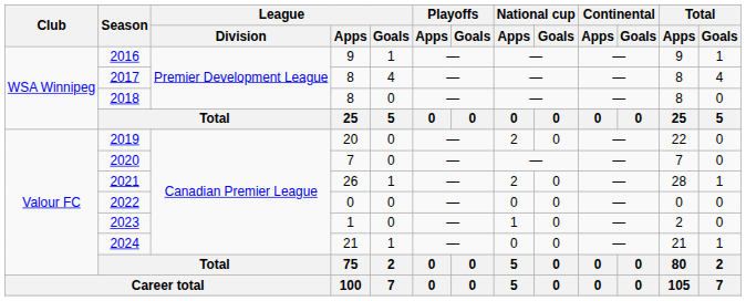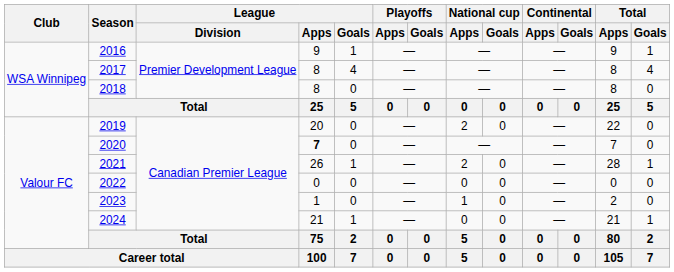 <table class="wikitable" style="text-align: center;">
 <tr>
 <th rowspan="2">Club</th>
 <th rowspan="2">Season</th>
 <th colspan="3">League</th>
 <th colspan="2">Playoffs</th>
 <th colspan="2">National cup</th>
 <th colspan="2">Continental</th>
 <th colspan="2">Total</th>
 </tr>
 <tr>
 <th>Division</th>
 <th>Apps</th>
 <th>Goals</th>
 <th>Apps</th>
 <th>Goals</th>
 <th>Apps</th>
 <th>Goals</th>
 <th>Apps</th>
 <th>Goals</th>
 <th>Apps</th>
 <th>Goals</th>
 </tr>
 <tr>
 <td rowspan="4"><a href='#'>WSA Winnipeg</a></td>
 <td><a href='#'>2016</a></td>
 <td rowspan=3><a href='#'>Premier Development League</a></td>
 <td>9</td>
 <td>1</td>
 <td colspan="2">—</td>
 <td colspan="2">—</td>
 <td colspan="2">—</td>
 <td>9</td>
 <td>1</td>
 </tr>
 <tr>
 <td><a href='#'>2017</a></td>
 <td>8</td>
 <td>4</td>
 <td colspan="2">—</td>
 <td colspan="2">—</td>
 <td colspan="2">—</td>
 <td>8</td>
 <td>4</td>
 </tr>
 <tr>
 <td><a href='#'>2018</a></td>
 <td>8</td>
 <td>0</td>
 <td colspan="2">—</td>
 <td colspan="2">—</td>
 <td colspan="2">—</td>
 <td>8</td>
 <td>0</td>
 </tr>
 <tr>
 <th colspan="2">Total</th>
 <th>25</th>
 <th>5</th>
 <th>0</th>
 <th>0</th>
 <th>0</th>
 <th>0</th>
 <th>0</th>
 <th>0</th>
 <th>25</th>
 <th>5</th>
 </tr>
 <tr>
 <td rowspan="7"><a href='#'>Valour FC</a></td>
 <td><a href='#'>2019</a></td>
 <td rowspan=6><a href='#'>Canadian Premier League</a></td>
 <td>20</td>
 <td>0</td>
 <td colspan="2">—</td>
 <td>2</td>
 <td>0</td>
 <td colspan="2">—</td>
 <td>22</td>
 <td>0</td>
 </tr>
 <tr>
 <td><a href='#'>2020</a></td>
-<td>7</td>
+<td><strong>7</strong></td>
 <td>0</td>
 <td colspan="2">—</td>
 <td colspan="2">—</td>
 <td colspan="2">—</td>
 <td>7</td>
 <td>0</td>
 </tr>
 <tr>
 <td><a href='#'>2021</a></td>
 <td>26</td>
 <td>1</td>
 <td colspan="2">—</td>
 <td>2</td>
 <td>0</td>
 <td colspan="2">—</td>
 <td>28</td>
 <td>1</td>
 </tr>
 <tr>
 <td><a href='#'>2022</a></td>
 <td>0</td>
 <td>0</td>
 <td colspan="2">—</td>
 <td>0</td>
 <td>0</td>
 <td colspan="2">—</td>
 <td>0</td>
 <td>0</td>
 </tr>
 <tr>
 <td><a href='#'>2023</a></td>
 <td>1</td>
 <td>0</td>
 <td colspan="2">—</td>
 <td>1</td>
 <td>0</td>
 <td colspan="2">—</td>
 <td>2</td>
 <td>0</td>
 </tr>
 <tr>
 <td><a href='#'>2024</a></td>
 <td>21</td>
 <td>1</td>
 <td colspan="2">—</td>
 <td>0</td>
 <td>0</td>
 <td colspan="2">—</td>
 <td>21</td>
 <td>1</td>
 </tr>
 <tr>
 <th colspan="2">Total</th>
 <th>75</th>
 <th>2</th>
 <th>0</th>
 <th>0</th>
 <th>5</th>
 <th>0</th>
 <th>0</th>
 <th>0</th>
 <th>80</th>
 <th>2</th>
 </tr>
 <tr>
 <th colspan="3">Career total</th>
 <th>100</th>
 <th>7</th>
 <th>0</th>
 <th>0</th>
 <th>5</th>
 <th>0</th>
 <th>0</th>
 <th>0</th>
 <th>105</th>
 <th>7</th>
 </tr>
 </table>
